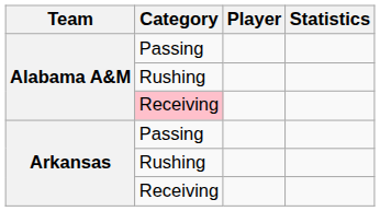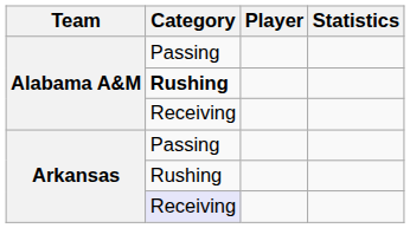 <table class="wikitable" style="float:right">
 <tr>
 <th>Team</th>
 <th>Category</th>
 <th>Player</th>
 <th>Statistics</th>
 </tr>
 <tr>
 <th rowspan=3>Alabama A&M</th>
 <td>Passing</td>
 <td></td>
 <td></td>
 </tr>
 <tr>
-<td>Rushing</td>
+<td><strong>Rushing</strong></td>
 <td></td>
 <td></td>
 </tr>
 <tr>
-<td style="background: pink;">Receiving</td>
+<td>Receiving</td>
 <td></td>
 <td></td>
 </tr>
 <tr>
 <th rowspan=3>Arkansas</th>
 <td>Passing</td>
 <td></td>
 <td></td>
 </tr>
 <tr>
 <td>Rushing</td>
 <td></td>
 <td></td>
 </tr>
 <tr>
-<td>Receiving</td>
+<td style="background: lavender;">Receiving</td>
 <td></td>
 <td></td>
 </tr>
 </table>
